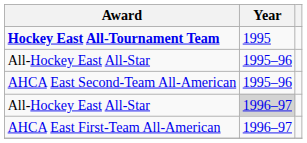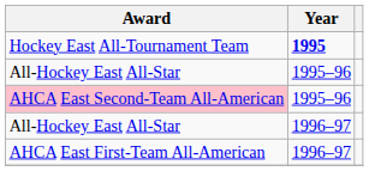 <table class="wikitable">
 <tr>
 <th>Award</th>
 <th>Year</th>
 <th></th>
 </tr>
 <tr>
-<td><strong><a href='#'>Hockey East</a> <a href='#'>All-Tournament Team</a></strong></td>
-<td><a href='#'>1995</a></td>
+<td><a href='#'>Hockey East</a> <a href='#'>All-Tournament Team</a></td>
+<td><strong><a href='#'>1995</a></strong></td>
 <td></td>
 </tr>
 <tr>
 <td>All-<a href='#'>Hockey East</a> <a href='#'>All-Star</a></td>
 <td><a href='#'>1995–96</a></td>
 <td></td>
 </tr>
 <tr>
-<td><a href='#'>AHCA</a> <a href='#'>East Second-Team All-American</a></td>
+<td style="background: pink;"><a href='#'>AHCA</a> <a href='#'>East Second-Team All-American</a></td>
 <td><a href='#'>1995–96</a></td>
 <td></td>
 </tr>
 <tr>
 <td>All-<a href='#'>Hockey East</a> <a href='#'>All-Star</a></td>
-<td style="background: lightgrey;"><a href='#'>1996–97</a></td>
+<td><a href='#'>1996–97</a></td>
 <td></td>
 </tr>
 <tr>
 <td><a href='#'>AHCA</a> <a href='#'>East First-Team All-American</a></td>
 <td><a href='#'>1996–97</a></td>
 <td></td>
 </tr>
 <tr>
 </tr>
 </table>
